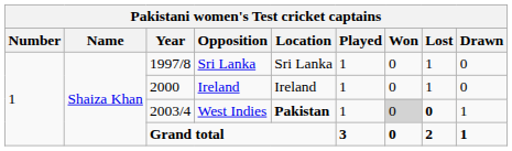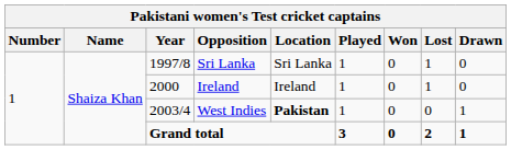 <table class="wikitable">
 <tr>
 <th bgcolor="#efefef" colspan=9>Pakistani women's Test cricket captains</th>
 </tr>
 <tr bgcolor="#efefef">
 <th>Number</th>
 <th>Name</th>
 <th>Year</th>
 <th>Opposition</th>
 <th>Location</th>
 <th>Played</th>
 <th>Won</th>
 <th>Lost</th>
 <th>Drawn</th>
 </tr>
 <tr>
 <td rowspan=4>1</td>
 <td rowspan=4><a href='#'>Shaiza Khan</a></td>
 <td>1997/8</td>
 <td><a href='#'>Sri Lanka</a></td>
 <td>Sri Lanka</td>
 <td>1</td>
 <td>0</td>
 <td>1</td>
 <td>0</td>
 </tr>
 <tr>
 <td>2000</td>
 <td><a href='#'>Ireland</a></td>
 <td>Ireland</td>
 <td>1</td>
 <td>0</td>
 <td>1</td>
 <td>0</td>
 </tr>
 <tr>
 <td>2003/4</td>
 <td><a href='#'>West Indies</a></td>
 <td><strong>Pakistan</strong></td>
 <td>1</td>
-<td style="background: lightgrey;">0</td>
-<td><strong>0</strong></td>
+<td>0</td>
+<td>0</td>
 <td>1</td>
 </tr>
 <tr>
 <td colspan=3><strong>Grand total</strong></td>
 <td><strong>3</strong></td>
 <td><strong>0</strong></td>
 <td><strong>2</strong></td>
 <td><strong>1</strong></td>
 </tr>
 </table>
